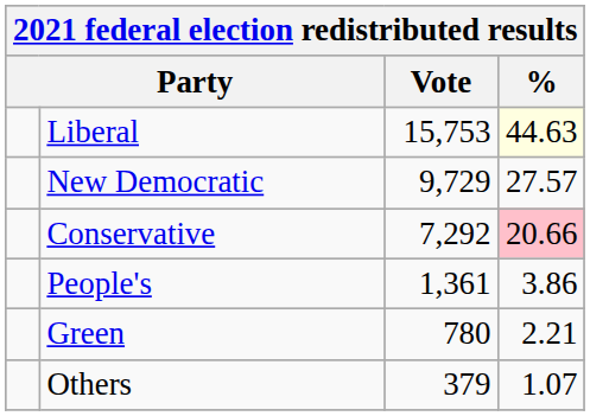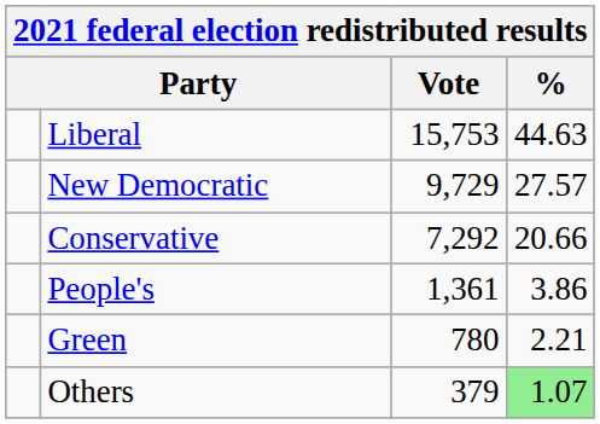 <table class="wikitable">
 <tr>
 <th colspan="4"><a href='#'>2021 federal election</a> redistributed results</th>
 </tr>
 <tr>
 <th bgcolor="#DDDDFF" width="130px" colspan="2">Party</th>
 <th bgcolor="#DDDDFF" width="50px">Vote</th>
 <th bgcolor="#DDDDFF" width="30px">%</th>
 </tr>
 <tr>
 <td> </td>
 <td><a href='#'>Liberal</a></td>
 <td align=right>15,753</td>
-<td align=right style="background: lightyellow;">44.63</td>
+<td align=right>44.63</td>
 </tr>
 <tr>
 <td> </td>
 <td><a href='#'>New Democratic</a></td>
 <td align=right>9,729</td>
 <td align=right>27.57</td>
 </tr>
 <tr>
 <td> </td>
 <td><a href='#'>Conservative</a></td>
 <td align=right>7,292</td>
-<td align=right style="background: pink;">20.66</td>
+<td align=right>20.66</td>
 </tr>
 <tr>
 <td> </td>
 <td><a href='#'>People's</a></td>
 <td align=right>1,361</td>
 <td align=right>3.86</td>
 </tr>
 <tr>
 <td> </td>
 <td><a href='#'>Green</a></td>
 <td align=right>780</td>
 <td align=right>2.21</td>
 </tr>
 <tr>
 <td> </td>
 <td>Others</td>
 <td align=right>379</td>
-<td align=right>1.07</td>
+<td align=right style="background: lightgreen;">1.07</td>
 </tr>
 </table>
